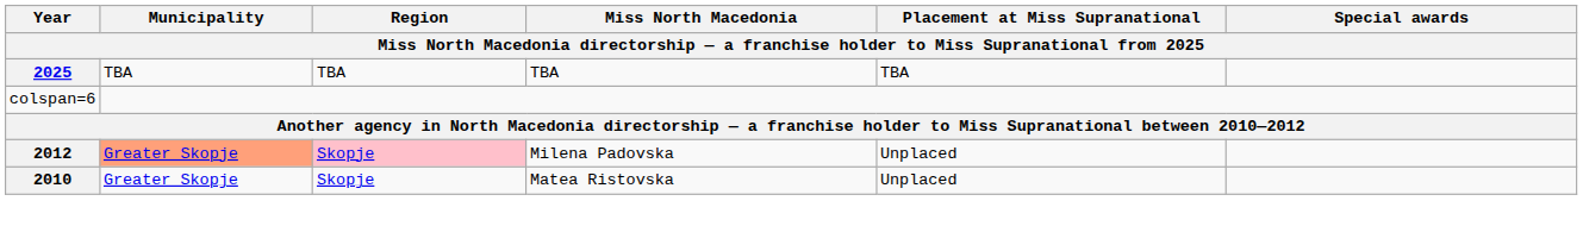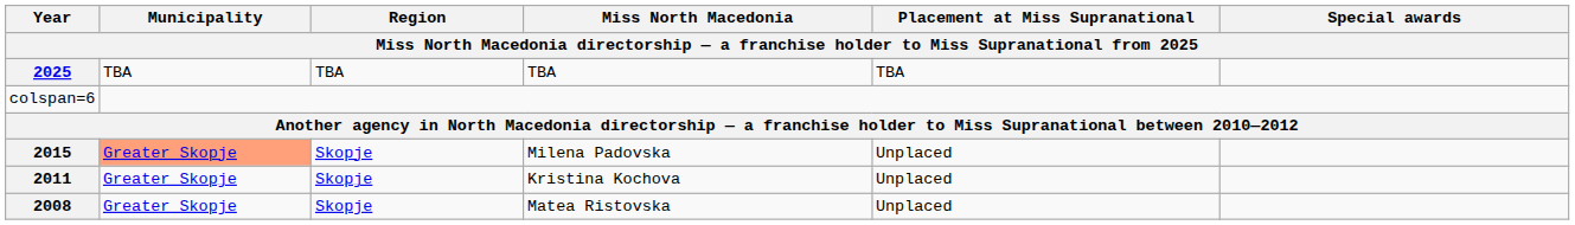 <table class="wikitable " style="font-size: 90%;">
 <tr>
 <th width="60">Year</th>
 <th width="150">Municipality</th>
 <th width="150">Region</th>
 <th width="250">Miss North Macedonia</th>
 <th width="250">Placement at Miss Supranational</th>
 <th width="250">Special awards</th>
 </tr>
 <tr>
 <th colspan="6">Miss North Macedonia directorship — a franchise holder to Miss Supranational from 2025</th>
 </tr>
 <tr>
 <th><a href='#'>2025</a></th>
 <td>TBA</td>
 <td>TBA</td>
 <td>TBA</td>
 <td>TBA</td>
 <td></td>
 </tr>
 <tr>
 <td>colspan=6 </td>
 </tr>
 <tr>
 <th colspan="6">Another agency in North Macedonia directorship — a franchise holder to Miss Supranational between 2010―2012</th>
 </tr>
 <tr>
-<th>2012</th>
+<th>2015</th>
 <td style="background: lightsalmon;"><a href='#'>Greater Skopje</a></td>
-<td style="background: pink;"><a href='#'>Skopje</a></td>
+<td><a href='#'>Skopje</a></td>
 <td>Milena Padovska</td>
 <td>Unplaced</td>
 <td></td>
 </tr>
 <tr>
-<th>2010</th>
+<th>2011</th>
+<td><a href='#'>Greater Skopje</a></td>
+<td><a href='#'>Skopje</a></td>
+<td>Kristina Kochova</td>
+<td>Unplaced</td>
+<td></td>
+</tr>
+<tr>
+<th>2008</th>
 <td><a href='#'>Greater Skopje</a></td>
 <td><a href='#'>Skopje</a></td>
 <td>Matea Ristovska</td>
 <td>Unplaced</td>
 <td></td>
 </tr>
 </table>
